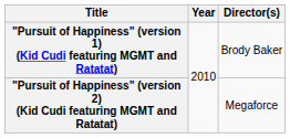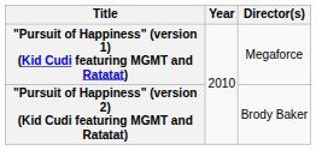 <table class="wikitable plainrowheaders" style="text-align:center;">
 <tr>
 <th scope="col" style="width:16em;">Title</th>
 <th scope="col">Year</th>
 <th scope="col">Director(s)</th>
 </tr>
 <tr>
 <th scope="row">"Pursuit of Happiness" (version 1)<br><span>(<a href='#'>Kid Cudi</a> featuring MGMT and <a href='#'>Ratatat</a>)</span></th>
 <td rowspan="2">2010</td>
-<td>Brody Baker</td>
+<td>Megaforce</td>
 </tr>
 <tr>
 <th scope="row">"Pursuit of Happiness" (version 2)<br><span>(Kid Cudi featuring MGMT and Ratatat)</span></th>
-<td>Megaforce</td>
+<td>Brody Baker</td>
 </tr>
 </table>
